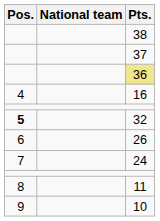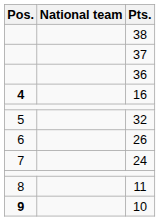 <table class=wikitable style="font-size: 95%">
 <tr>
 <th>Pos.</th>
 <th>National team</th>
 <th>Pts.</th>
 </tr>
 <tr align=center>
 <td></td>
 <td align=left></td>
 <td>38</td>
 </tr>
 <tr align=center>
 <td></td>
 <td align=left></td>
 <td>37</td>
 </tr>
 <tr align=center>
 <td></td>
 <td align=left></td>
-<td style="background: khaki;">36</td>
+<td>36</td>
 </tr>
 <tr align=center>
-<td>4</td>
+<td><strong>4</strong></td>
 <td align=left></td>
 <td>16</td>
 </tr>
 <tr>
 <td colspan=3 ></td>
 </tr>
 <tr align=center>
-<td><strong>5</strong></td>
+<td>5</td>
 <td align=left></td>
 <td>32</td>
 </tr>
 <tr align=center>
 <td>6</td>
 <td align=left></td>
 <td>26</td>
 </tr>
 <tr align=center>
 <td>7</td>
 <td align=left></td>
 <td>24</td>
 </tr>
 <tr>
 <td colspan=3 ></td>
 </tr>
 <tr align=center>
 <td>8</td>
 <td align=left></td>
 <td>11</td>
 </tr>
 <tr align=center>
-<td>9</td>
+<td><strong>9</strong></td>
 <td align=left></td>
 <td>10</td>
 </tr>
 </table>
